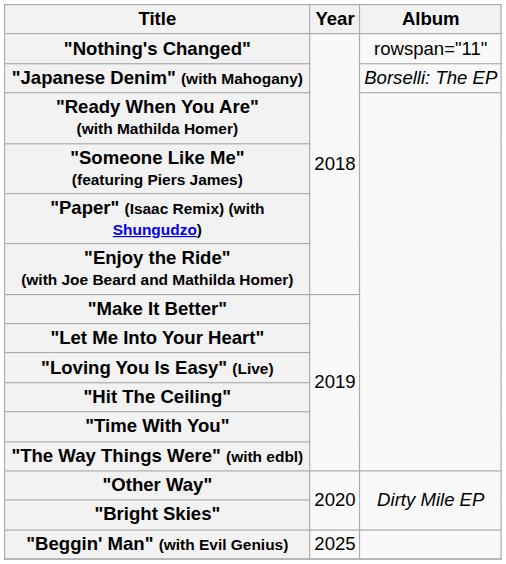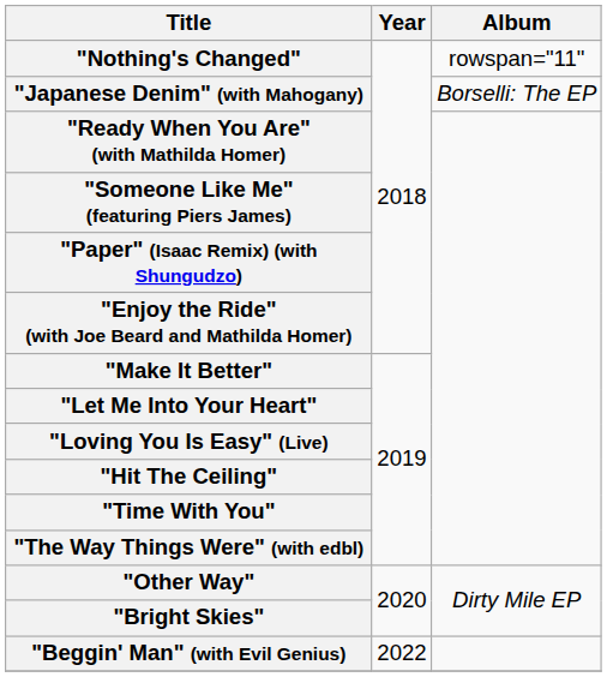 <table class="wikitable plainrowheaders" style="text-align:center">
 <tr>
 <th scope="col" style="width:16em;">Title</th>
 <th scope="col">Year</th>
 <th scope="col">Album</th>
 </tr>
 <tr>
 <th scope="row">"Nothing's Changed"</th>
 <td rowspan="6">2018</td>
 <td>rowspan="11" </td>
 </tr>
 <tr>
 <th scope="row">"Japanese Denim" <small>(with Mahogany)</small></th>
 <td><em>Borselli: The EP</em></td>
 </tr>
 <tr>
 <th scope="row">"Ready When You Are" <br><small>(with Mathilda Homer)</small></th>
 </tr>
 <tr>
 <th scope="row">"Someone Like Me" <br><small>(featuring Piers James)</small></th>
 </tr>
 <tr>
 <th scope="row">"Paper" <small>(Isaac Remix) (with <a href='#'>Shungudzo</a>)</small></th>
 </tr>
 <tr>
 <th scope="row">"Enjoy the Ride" <br><small>(with Joe Beard and Mathilda Homer)</small></th>
 </tr>
 <tr>
 <th scope="row">"Make It Better"</th>
 <td rowspan="6">2019</td>
 </tr>
 <tr>
 <th scope="row">"Let Me Into Your Heart"</th>
 </tr>
 <tr>
 <th scope="row">"Loving You Is Easy" <small>(Live)</small></th>
 </tr>
 <tr>
 <th scope="row">"Hit The Ceiling"</th>
 </tr>
 <tr>
 <th scope="row">"Time With You"</th>
 </tr>
 <tr>
 <th scope="row">"The Way Things Were" <small>(with edbl)</small></th>
 </tr>
 <tr>
 <th scope="row">"Other Way"</th>
 <td rowspan="2">2020</td>
 <td rowspan="2"><em>Dirty Mile EP</em></td>
 </tr>
 <tr>
 <th scope="row">"Bright Skies"</th>
 </tr>
 <tr>
 <th scope="row">"Beggin' Man" <small>(with Evil Genius)</small></th>
-<td>2025</td>
+<td>2022</td>
 <td></td>
 </tr>
 <tr>
 </tr>
 </table>
